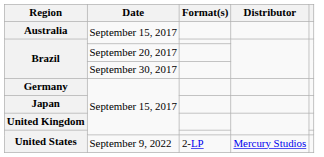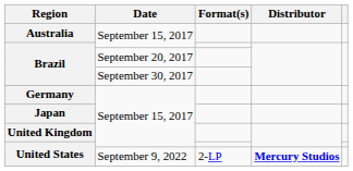 <table class="wikitable sortable plainrowheaders">
 <tr>
 <th scope="col">Region</th>
 <th scope="col">Date</th>
 <th scope="col">Format(s)</th>
 <th scope="col">Distributor</th>
 <th scope="col" class="unsortable"></th>
 </tr>
 <tr>
 <th scope="row">Australia</th>
 <td rowspan="2">September 15, 2017</td>
 <td></td>
 <td rowspan="1"></td>
 <td align=center></td>
 </tr>
 <tr>
 <th scope="row" rowspan="3">Brazil</th>
 <td></td>
 <td rowspan="3"></td>
 <td rowspan="3" align=center></td>
 </tr>
 <tr>
 <td rowspan="1">September 20, 2017</td>
 <td rowspan="1"></td>
 </tr>
 <tr>
 <td rowspan="1">September 30, 2017</td>
 <td rowspan="1"></td>
 </tr>
 <tr>
 <th scope="row">Germany</th>
 <td rowspan="4">September 15, 2017</td>
 <td></td>
 <td rowspan="1"></td>
 <td align=center></td>
 </tr>
 <tr>
 <th scope="row">Japan</th>
 <td></td>
 <td></td>
 <td align=center></td>
 </tr>
 <tr>
 <th scope="row">United Kingdom</th>
 <td></td>
 <td rowspan="2"></td>
 <td align=center></td>
 </tr>
 <tr>
 <th scope="row" rowspan="2">United States</th>
 <td rowspan="1"></td>
 <td align=center></td>
 </tr>
 <tr>
 <td>September 9, 2022</td>
 <td>2-<a href='#'>LP</a></td>
-<td><a href='#'>Mercury Studios</a></td>
+<td><strong><a href='#'>Mercury Studios</a></strong></td>
 <td align=center></td>
 </tr>
 </table>
